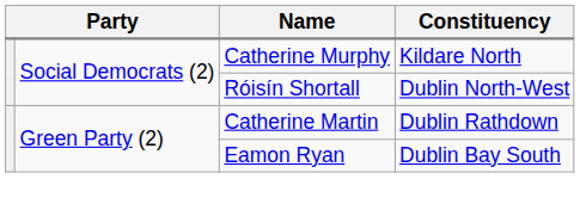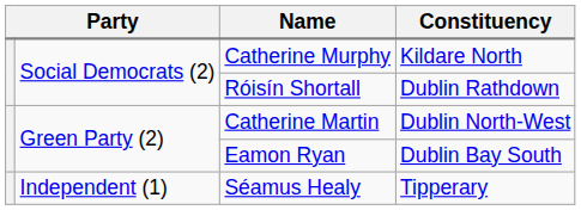 <table class="wikitable sortable">
 <tr style="border-bottom: 2px solid gray;">
 <th colspan=2>Party</th>
 <th>Name</th>
 <th>Constituency</th>
 </tr>
 <tr>
 <th rowspan=2 style="background-color: "></th>
 <td rowspan=2><a href='#'>Social Democrats</a> (2)</td>
 <td data-sort-value="Murphy, Catherine"><a href='#'>Catherine Murphy</a></td>
 <td><a href='#'>Kildare North</a></td>
 </tr>
 <tr>
 <td data-sort-value="Shortall, Róisín"><a href='#'>Róisín Shortall</a></td>
-<td><a href='#'>Dublin North-West</a></td>
+<td><a href='#'>Dublin Rathdown</a></td>
 </tr>
 <tr>
 <th rowspan=2 style="background-color: "></th>
 <td rowspan=2><a href='#'>Green Party</a> (2)</td>
 <td data-sort-value="Martin, Catherine"><a href='#'>Catherine Martin</a></td>
-<td><a href='#'>Dublin Rathdown</a></td>
+<td><a href='#'>Dublin North-West</a></td>
 </tr>
 <tr>
 <td data-sort-value="Ryan, Eamon"><a href='#'>Eamon Ryan</a></td>
 <td><a href='#'>Dublin Bay South</a></td>
 </tr>
+<tr>
+<th rowspan=1 style="background-color:"></th>
+<td><a href='#'>Independent</a> (1)</td>
+<td data-sort-value="Healy, Séamus"><a href='#'>Séamus Healy</a></td>
+<td><a href='#'>Tipperary</a></td>
+</tr>
 </table>
